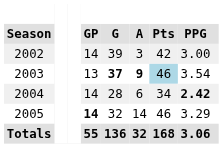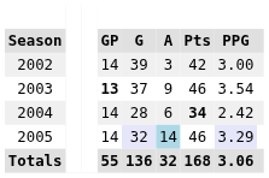 <table BORDER="0" CELLPADDING="3" CELLSPACING="0">
 <tr ALIGN="center" bgcolor="#e0e0e0">
 <th colspan="1" bgcolor="#ffffff"> </th>
 <th rowspan="99" bgcolor="#ffffff"> </th>
 <th rowspan="99" bgcolor="#ffffff"> </th>
 </tr>
 <tr ALIGN="center" bgcolor="#e0e0e0">
 <th>Season</th>
 <th>GP</th>
 <th>G</th>
 <th>A</th>
 <th>Pts</th>
 <th>PPG</th>
 <th></th>
 </tr>
 <tr ALIGN="center" bgcolor="#f0f0f0">
 <td>2002</td>
 <td>14</td>
 <td>39</td>
 <td>3</td>
 <td>42</td>
 <td>3.00</td>
 <td></td>
 </tr>
 <tr ALIGN="center">
 <td>2003</td>
-<td>13</td>
-<td><strong>37</strong></td>
-<td><strong>9</strong></td>
-<td style="background: lightblue;">46</td>
+<td><strong>13</strong></td>
+<td>37</td>
+<td>9</td>
+<td>46</td>
 <td>3.54</td>
 <td></td>
 </tr>
 <tr ALIGN="center" bgcolor="#f0f0f0">
 <td>2004</td>
 <td>14</td>
 <td>28</td>
 <td>6</td>
-<td>34</td>
-<td><strong>2.42</strong></td>
+<td><strong>34</strong></td>
+<td>2.42</td>
 <td></td>
 </tr>
 <tr ALIGN="center">
 <td>2005</td>
-<td><strong>14</strong></td>
-<td>32</td>
 <td>14</td>
+<td style="background: lavender;">32</td>
+<td style="background: lightblue;">14</td>
 <td>46</td>
-<td>3.29</td>
+<td style="background: lavender;">3.29</td>
 <td></td>
 </tr>
 <tr ALIGN="center" bgcolor="#e0e0e0">
 <th colspan="1.5">Totals</th>
 <th>55</th>
 <th>136</th>
 <th>32</th>
 <th>168</th>
 <th>3.06</th>
 <th></th>
 </tr>
 </table>
